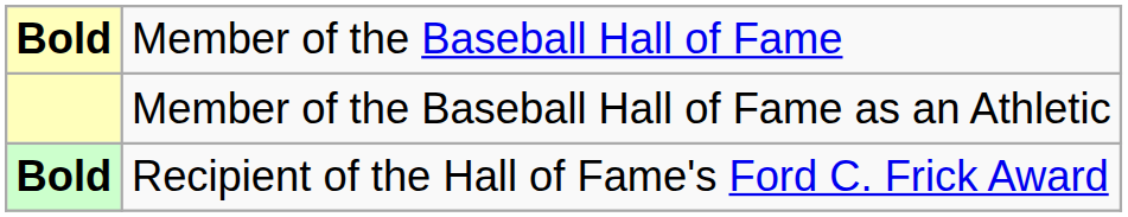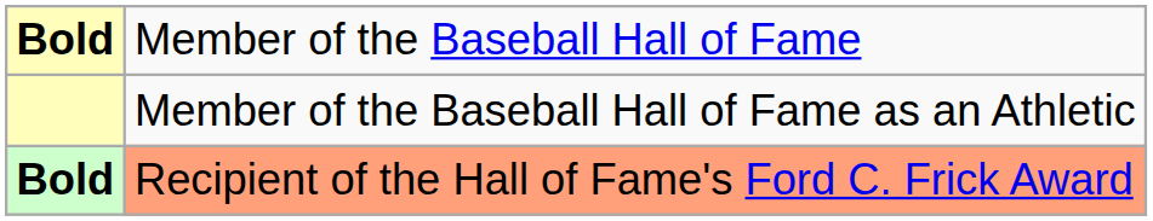 <table class="wikitable">
 <tr>
 <th scope="row" style="background:#ffb;"><strong>Bold</strong></th>
 <td>Member of the <a href='#'>Baseball Hall of Fame</a></td>
 </tr>
 <tr>
 <th scope="row" style="background:#ffb;"></th>
 <td>Member of the Baseball Hall of Fame as an Athletic</td>
 </tr>
 <tr>
 <th scope="row" style="background:#cfc;"><strong>Bold</strong></th>
-<td>Recipient of the Hall of Fame's <a href='#'>Ford C. Frick Award</a></td>
+<td style="background: lightsalmon;">Recipient of the Hall of Fame's <a href='#'>Ford C. Frick Award</a></td>
 </tr>
 </table>
